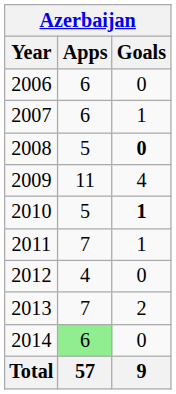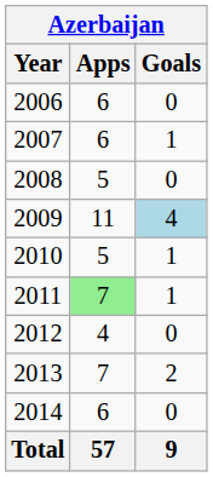 <table class="wikitable" style="text-align:center">
 <tr>
 <th colspan=3><a href='#'>Azerbaijan</a></th>
 </tr>
 <tr>
 <th>Year</th>
 <th>Apps</th>
 <th>Goals</th>
 </tr>
 <tr>
 <td>2006</td>
 <td>6</td>
 <td>0</td>
 </tr>
 <tr>
 <td>2007</td>
 <td>6</td>
 <td>1</td>
 </tr>
 <tr>
 <td>2008</td>
 <td>5</td>
-<td><strong>0</strong></td>
+<td>0</td>
 </tr>
 <tr>
 <td>2009</td>
 <td>11</td>
-<td>4</td>
+<td style="background: lightblue;">4</td>
 </tr>
 <tr>
 <td>2010</td>
 <td>5</td>
-<td><strong>1</strong></td>
+<td>1</td>
 </tr>
 <tr>
 <td>2011</td>
-<td>7</td>
+<td style="background: lightgreen;">7</td>
 <td>1</td>
 </tr>
 <tr>
 <td>2012</td>
 <td>4</td>
 <td>0</td>
 </tr>
 <tr>
 <td>2013</td>
 <td>7</td>
 <td>2</td>
 </tr>
 <tr>
 <td>2014</td>
-<td style="background: lightgreen;">6</td>
+<td>6</td>
 <td>0</td>
 </tr>
 <tr>
 <th>Total</th>
 <th>57</th>
 <th>9</th>
 </tr>
 </table>
